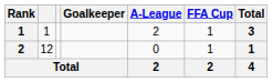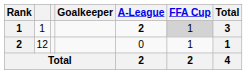 <table class="wikitable" style="text-align:center">
 <tr>
 <th>Rank</th>
 <th></th>
 <th></th>
 <th>Goalkeeper</th>
 <th><a href='#'>A-League</a></th>
 <th><a href='#'>FFA Cup</a></th>
 <th>Total</th>
 </tr>
 <tr>
 <th>1</th>
 <td>1</td>
 <td></td>
 <td align="left"></td>
-<td>2</td>
-<td>1</td>
+<td><strong>2</strong></td>
+<td style="background: lightgrey;">1</td>
 <th>3</th>
 </tr>
 <tr>
 <th>2</th>
 <td>12</td>
 <td></td>
 <td align="left"></td>
 <td>0</td>
 <td>1</td>
 <th>1</th>
 </tr>
 <tr>
 <th colspan="4">Total</th>
 <th>2</th>
 <th>2</th>
 <th>4</th>
 </tr>
 </table>
